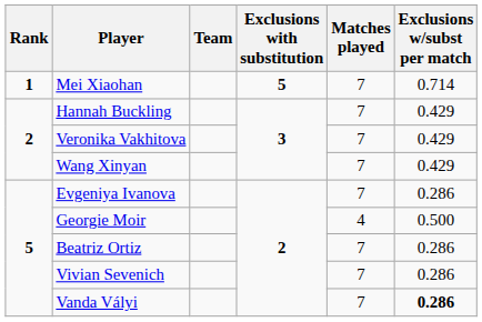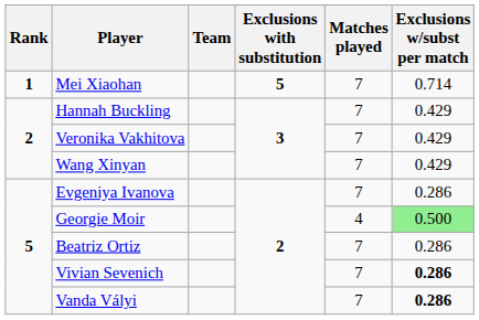 <table class="wikitable sortable" style="text-align: center; font-size: 90%; margin-left: 1em;">
 <tr>
 <th>Rank</th>
 <th>Player</th>
 <th>Team</th>
 <th>Exclusions<br>with<br>substitution</th>
 <th>Matches<br>played</th>
 <th>Exclusions<br>w/subst<br>per match</th>
 </tr>
 <tr>
 <td><strong>1</strong></td>
 <td style="text-align: left;" data-sort-value="Mei, Xiaohan"><a href='#'>Mei Xiaohan</a></td>
 <td style="text-align: left;"></td>
 <td><strong>5</strong></td>
 <td>7</td>
 <td>0.714</td>
 </tr>
 <tr>
 <td rowspan="3"><strong>2</strong></td>
 <td style="text-align: left;" data-sort-value="Buckling, Hannah"><a href='#'>Hannah Buckling</a></td>
 <td style="text-align: left;"></td>
 <td rowspan="3"><strong>3</strong></td>
 <td>7</td>
 <td>0.429</td>
 </tr>
 <tr>
 <td style="text-align: left;" data-sort-value="Vakhitova, Veronika"><a href='#'>Veronika Vakhitova</a></td>
 <td style="text-align: left;"></td>
 <td>7</td>
 <td>0.429</td>
 </tr>
 <tr>
 <td style="text-align: left;" data-sort-value="Wang, Xinyan"><a href='#'>Wang Xinyan</a></td>
 <td style="text-align: left;"></td>
 <td>7</td>
 <td>0.429</td>
 </tr>
 <tr>
 <td rowspan="5"><strong>5</strong></td>
 <td style="text-align: left;" data-sort-value="Ivanova, Evgeniya"><a href='#'>Evgeniya Ivanova</a></td>
 <td style="text-align: left;"></td>
 <td rowspan="5"><strong>2</strong></td>
 <td>7</td>
 <td>0.286</td>
 </tr>
 <tr>
 <td style="text-align: left;" data-sort-value="Moir, Georgie"><a href='#'>Georgie Moir</a></td>
 <td style="text-align: left;"></td>
 <td>4</td>
-<td>0.500</td>
+<td style="background: lightgreen;">0.500</td>
 </tr>
 <tr>
 <td style="text-align: left;" data-sort-value="Ortiz, Beatriz"><a href='#'>Beatriz Ortiz</a></td>
 <td style="text-align: left;"></td>
 <td>7</td>
 <td>0.286</td>
 </tr>
 <tr>
 <td style="text-align: left;" data-sort-value="Sevenich, Vivian"><a href='#'>Vivian Sevenich</a></td>
 <td style="text-align: left;"></td>
 <td>7</td>
-<td>0.286</td>
+<td><strong>0.286</strong></td>
 </tr>
 <tr>
 <td style="text-align: left;" data-sort-value="Vályi, Vanda"><a href='#'>Vanda Vályi</a></td>
 <td style="text-align: left;"></td>
 <td>7</td>
 <td><strong>0.286</strong></td>
 </tr>
 </table>
